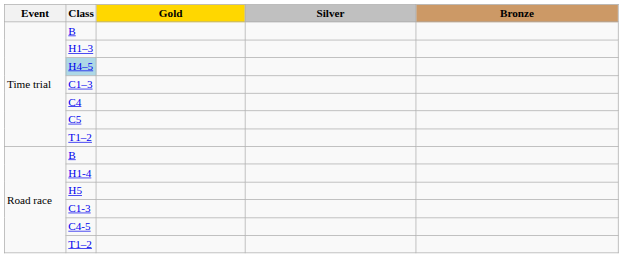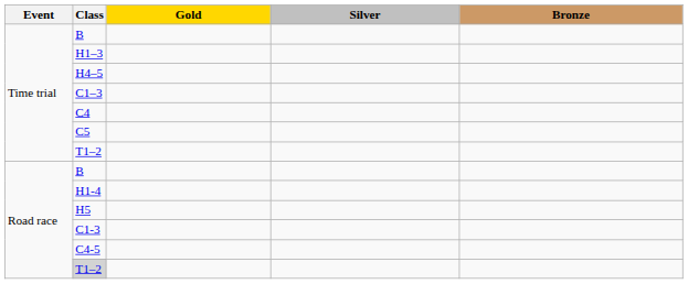 <table class=wikitable style="font-size:100%">
 <tr>
 <th rowspan="1" width="10%">Event</th>
 <th rowspan="1" width="5%">Class</th>
 <th rowspan="1" style="background:gold;">Gold</th>
 <th colspan="1" style="background:silver;">Silver</th>
 <th colspan="1" style="background:#CC9966;">Bronze</th>
 </tr>
 <tr>
 <td rowspan="7">Time trial<br></td>
 <td><a href='#'>B</a></td>
 <td></td>
 <td></td>
 <td></td>
 </tr>
 <tr>
 <td><a href='#'>H1–3</a></td>
 <td></td>
 <td></td>
 <td></td>
 </tr>
 <tr>
-<td style="background: lightblue;"><a href='#'>H4–5</a></td>
+<td><a href='#'>H4–5</a></td>
 <td></td>
 <td></td>
 <td></td>
 </tr>
 <tr>
 <td><a href='#'>C1–3</a></td>
 <td></td>
 <td></td>
 <td></td>
 </tr>
 <tr>
 <td><a href='#'>C4</a></td>
 <td></td>
 <td></td>
 <td></td>
 </tr>
 <tr>
 <td><a href='#'>C5</a></td>
 <td></td>
 <td></td>
 <td></td>
 </tr>
 <tr>
 <td><a href='#'>T1–2</a></td>
 <td></td>
 <td></td>
 <td></td>
 </tr>
 <tr>
 <td rowspan="6">Road race<br></td>
 <td><a href='#'>B</a></td>
 <td></td>
 <td></td>
 <td></td>
 </tr>
 <tr>
 <td><a href='#'>H1-4</a></td>
 <td></td>
 <td></td>
 <td></td>
 </tr>
 <tr>
 <td><a href='#'>H5</a></td>
 <td></td>
 <td></td>
 <td></td>
 </tr>
 <tr>
 <td><a href='#'>C1-3</a></td>
 <td></td>
 <td></td>
 <td></td>
 </tr>
 <tr>
 <td><a href='#'>C4-5</a></td>
 <td></td>
 <td></td>
 <td></td>
 </tr>
 <tr>
-<td><a href='#'>T1–2</a></td>
+<td style="background: lightgrey;"><a href='#'>T1–2</a></td>
 <td></td>
 <td></td>
 <td></td>
 </tr>
 </table>
